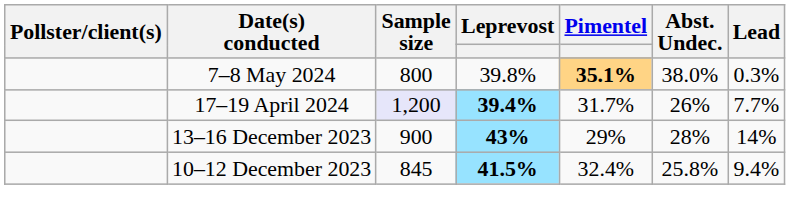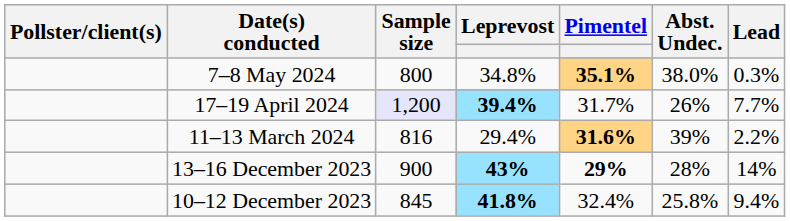 <table class="wikitable" style="text-align:center;font-size:90%;line-height:14px;">
 <tr>
 <th rowspan="2">Pollster/client(s)</th>
 <th rowspan="2">Date(s)<br>conducted</th>
 <th rowspan="2">Sample<br>size</th>
 <th class="unsortable" style="width:50px;">Leprevost<br></th>
 <th class="unsortable" style="width:50px;"><a href='#'>Pimentel</a><br></th>
 <th rowspan="2">Abst.<br>Undec.</th>
 <th rowspan="2">Lead</th>
 </tr>
 <tr>
 <th data-sort-type="number" class="sortable" style="background:"></th>
 <th data-sort-type="number" class="sortable" style="background:"></th>
 </tr>
 <tr>
 <td></td>
 <td>7–8 May 2024</td>
 <td>800</td>
-<td>39.8%</td>
+<td>34.8%</td>
 <td style="background:#ffd485;"><strong>35.1%</strong></td>
 <td>38.0%</td>
 <td style="background:">0.3%</td>
 </tr>
 <tr>
 <td></td>
 <td>17–19 April 2024</td>
 <td style="background: lavender;">1,200</td>
 <td style="background:#97e3ff;"><strong>39.4%</strong></td>
 <td>31.7%</td>
 <td>26%</td>
 <td style="background:">7.7%</td>
 </tr>
 <tr>
 <td></td>
+<td>11–13 March 2024</td>
+<td>816</td>
+<td>29.4%</td>
+<td style="background:#ffd485;"><strong>31.6%</strong></td>
+<td>39%</td>
+<td style="background:">2.2%</td>
+</tr>
+<tr>
+<td></td>
 <td>13–16 December 2023</td>
 <td>900</td>
 <td style="background:#97e3ff;"><strong>43%</strong></td>
-<td>29%</td>
+<td><strong>29%</strong></td>
 <td>28%</td>
 <td style="background:">14%</td>
 </tr>
 <tr>
 <td></td>
 <td>10–12 December 2023</td>
 <td>845</td>
-<td style="background:#97e3ff;"><strong>41.5%</strong></td>
+<td style="background:#97e3ff;"><strong>41.8%</strong></td>
 <td>32.4%</td>
 <td>25.8%</td>
 <td style="background:">9.4%</td>
 </tr>
 </table>
